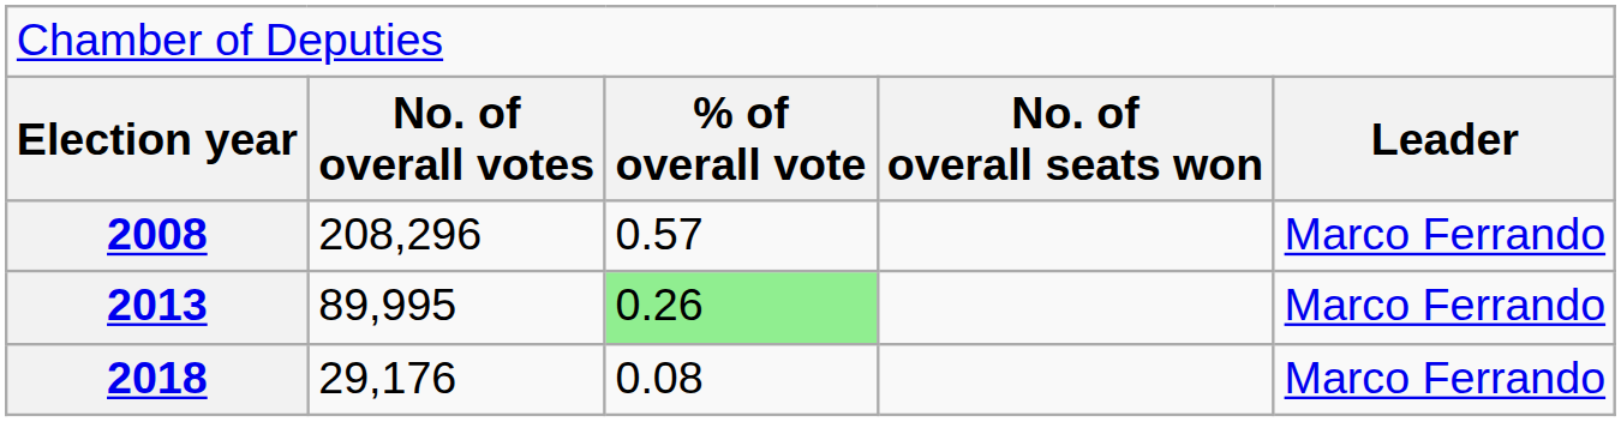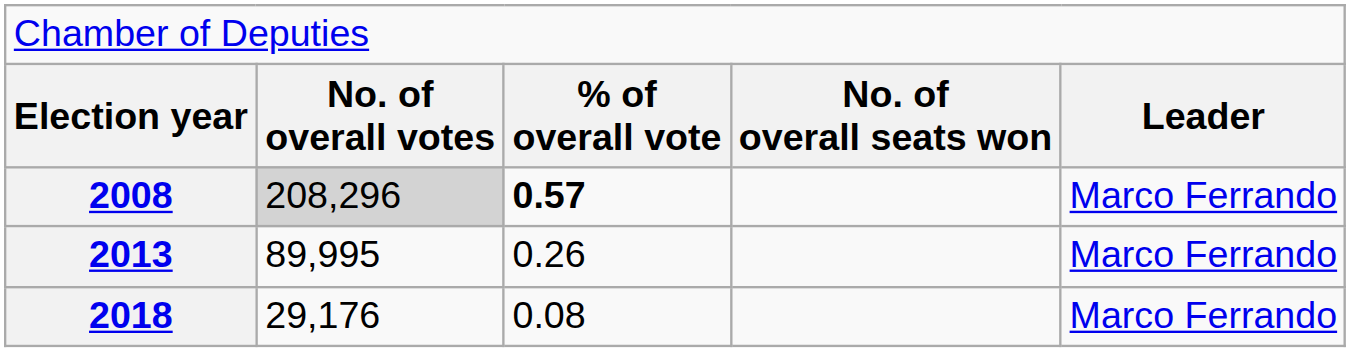 <table class=wikitable>
 <tr>
 <td colspan=5><a href='#'>Chamber of Deputies</a></td>
 </tr>
 <tr>
 <th>Election year</th>
 <th>No. of<br>overall votes</th>
 <th>% of<br>overall vote</th>
 <th>No. of<br>overall seats won</th>
 <th>Leader</th>
 </tr>
 <tr>
 <th><a href='#'>2008</a></th>
-<td>208,296</td>
-<td>0.57</td>
+<td style="background: lightgrey;">208,296</td>
+<td><strong>0.57</strong></td>
 <td></td>
 <td><a href='#'>Marco Ferrando</a></td>
 </tr>
 <tr>
 <th><a href='#'>2013</a></th>
 <td>89,995</td>
-<td style="background: lightgreen;">0.26</td>
+<td>0.26</td>
 <td></td>
 <td><a href='#'>Marco Ferrando</a></td>
 </tr>
 <tr>
 <th><a href='#'>2018</a></th>
 <td>29,176 </td>
 <td>0.08 </td>
 <td></td>
 <td><a href='#'>Marco Ferrando</a></td>
 </tr>
 </table>
